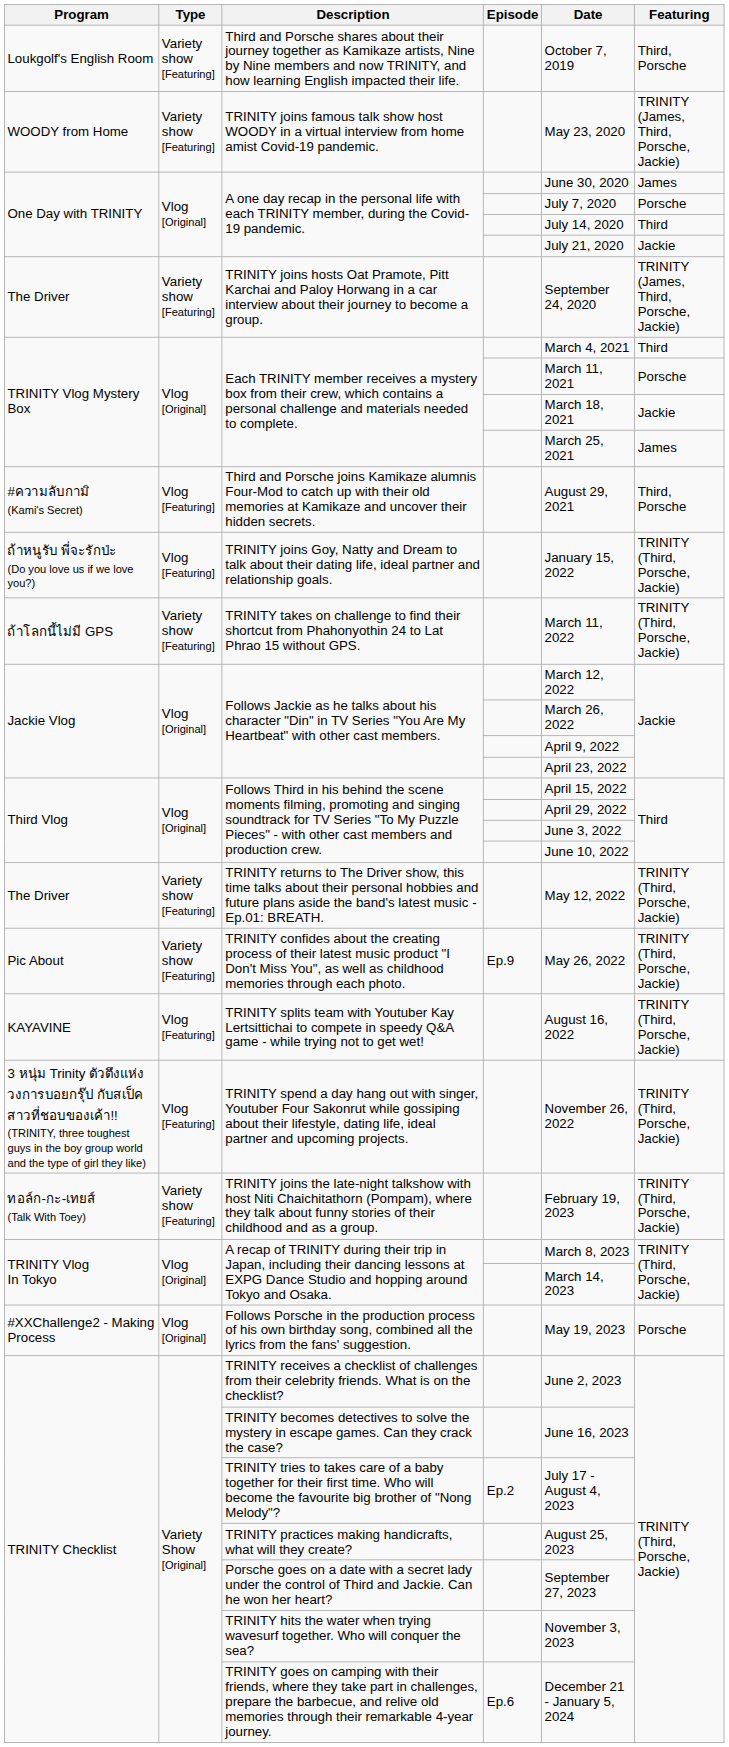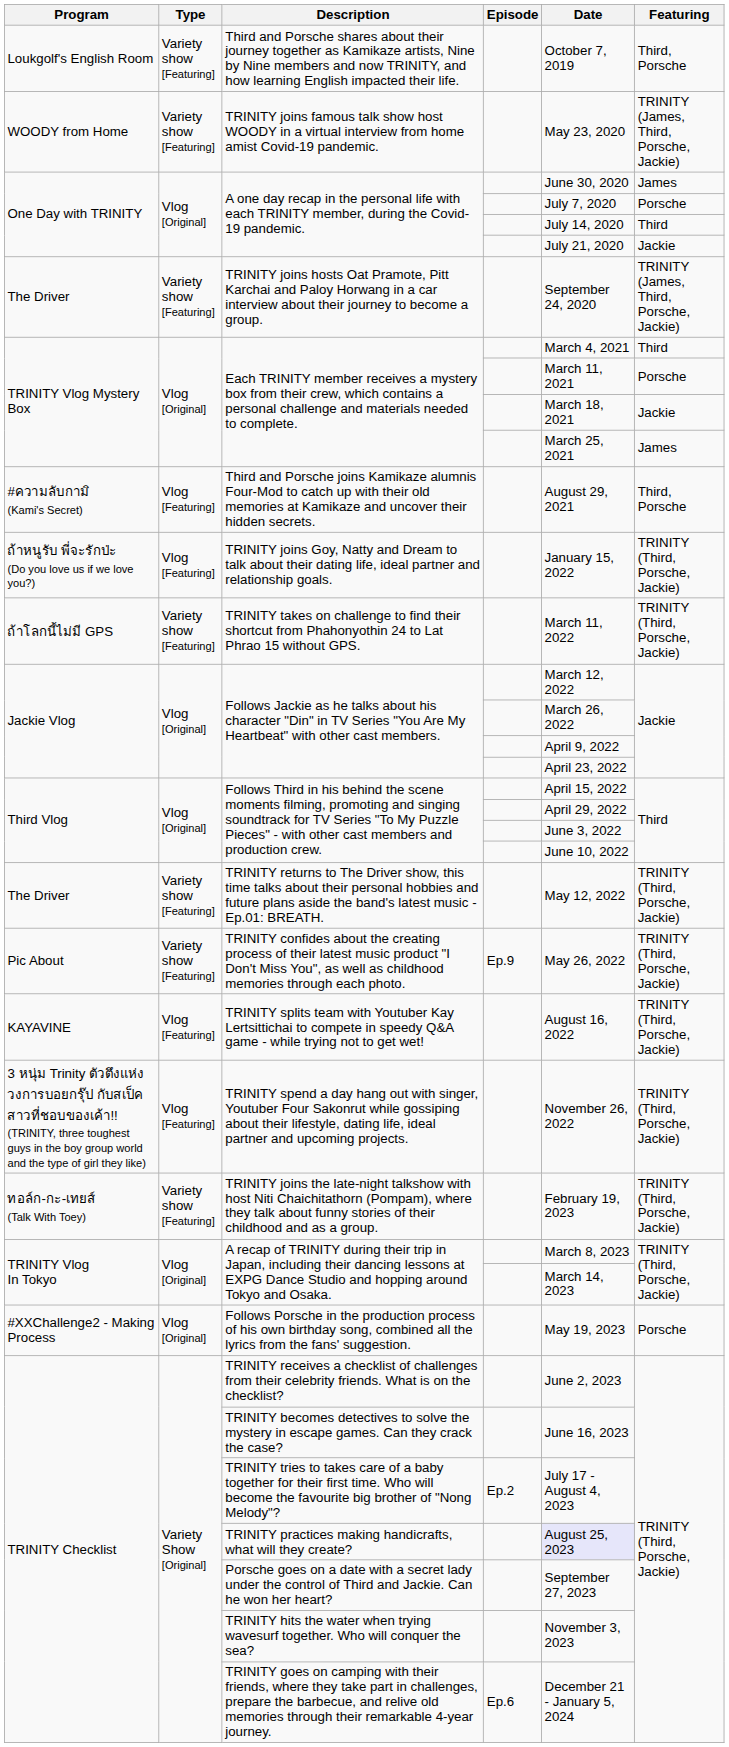 <table class="wikitable sortable mw-collapsible mw-collapsed">
 <tr>
 <th>Program</th>
 <th>Type</th>
 <th>Description</th>
 <th>Episode</th>
 <th>Date</th>
 <th>Featuring</th>
 </tr>
 <tr>
 <td>Loukgolf's English Room</td>
 <td>Variety show<br><small>[Featuring]</small></td>
 <td>Third and Porsche shares about their journey together as Kamikaze artists, Nine by Nine members and now TRINITY, and how learning English impacted their life.</td>
 <td></td>
 <td>October 7, 2019</td>
 <td>Third, Porsche</td>
 </tr>
 <tr>
 <td>WOODY from Home</td>
 <td>Variety show<br><small>[Featuring]</small></td>
 <td>TRINITY joins famous talk show host WOODY in a virtual interview from home amist Covid-19 pandemic.</td>
 <td></td>
 <td>May 23, 2020</td>
 <td>TRINITY<br>(James, Third, Porsche, Jackie)</td>
 </tr>
 <tr>
 <td rowspan="4">One Day with TRINITY</td>
 <td rowspan="4">Vlog<br><small>[Original]</small></td>
 <td rowspan="4">A one day recap in the personal life with each TRINITY member, during the Covid-19 pandemic.</td>
 <td></td>
 <td>June 30, 2020</td>
 <td>James</td>
 </tr>
 <tr>
 <td></td>
 <td>July 7, 2020</td>
 <td>Porsche</td>
 </tr>
 <tr>
 <td></td>
 <td>July 14, 2020</td>
 <td>Third</td>
 </tr>
 <tr>
 <td></td>
 <td>July 21, 2020</td>
 <td>Jackie</td>
 </tr>
 <tr>
 <td>The Driver</td>
 <td>Variety show<br><small>[Featuring]</small></td>
 <td>TRINITY joins hosts Oat Pramote, Pitt Karchai and Paloy Horwang in a car interview about their journey to become a group.</td>
 <td></td>
 <td>September 24, 2020</td>
 <td>TRINITY<br>(James, Third, Porsche, Jackie)</td>
 </tr>
 <tr>
 <td rowspan="4">TRINITY Vlog Mystery Box</td>
 <td rowspan="4">Vlog<br><small>[Original]</small></td>
 <td rowspan="4">Each TRINITY member receives a mystery box from their crew, which contains a personal challenge and materials needed to complete.</td>
 <td></td>
 <td>March 4, 2021</td>
 <td>Third</td>
 </tr>
 <tr>
 <td></td>
 <td>March 11, 2021</td>
 <td>Porsche</td>
 </tr>
 <tr>
 <td></td>
 <td>March 18, 2021</td>
 <td>Jackie</td>
 </tr>
 <tr>
 <td></td>
 <td>March 25, 2021</td>
 <td>James</td>
 </tr>
 <tr>
 <td>#ความลับกามิ<br><small>(Kami's Secret)</small></td>
 <td>Vlog<br><small>[Featuring]</small></td>
 <td>Third and Porsche joins Kamikaze alumnis Four-Mod to catch up with their old memories at Kamikaze and uncover their hidden secrets.</td>
 <td></td>
 <td>August 29, 2021</td>
 <td>Third, Porsche</td>
 </tr>
 <tr>
 <td>ถ้าหนูรับ พี่จะรักป่ะ<br><small>(Do you love us if we love you?)</small></td>
 <td>Vlog<br><small>[Featuring]</small></td>
 <td>TRINITY joins Goy, Natty and Dream to talk about their dating life, ideal partner and relationship goals.</td>
 <td></td>
 <td>January 15, 2022</td>
 <td>TRINITY<br>(Third, Porsche, Jackie)</td>
 </tr>
 <tr>
 <td>ถ้าโลกนี้ไม่มี GPS</td>
 <td>Variety show<br><small>[Featuring]</small></td>
 <td>TRINITY takes on challenge to find their shortcut from Phahonyothin 24 to Lat Phrao 15 without GPS.</td>
 <td></td>
 <td>March 11, 2022</td>
 <td>TRINITY<br>(Third, Porsche, Jackie)</td>
 </tr>
 <tr>
 <td rowspan="4">Jackie Vlog</td>
 <td rowspan="4">Vlog<br><small>[Original]</small></td>
 <td rowspan="4">Follows Jackie as he talks about his character "Din" in TV Series "You Are My Heartbeat" with other cast members.</td>
 <td></td>
 <td>March 12, 2022</td>
 <td rowspan="4">Jackie</td>
 </tr>
 <tr>
 <td></td>
 <td>March 26, 2022</td>
 </tr>
 <tr>
 <td></td>
 <td>April 9, 2022</td>
 </tr>
 <tr>
 <td></td>
 <td>April 23, 2022</td>
 </tr>
 <tr>
 <td rowspan="4">Third Vlog</td>
 <td rowspan="4">Vlog<br><small>[Original]</small></td>
 <td rowspan="4">Follows Third in his behind the scene moments filming, promoting and singing soundtrack for TV Series "To My Puzzle Pieces" - with other cast members and production crew.</td>
 <td></td>
 <td>April 15, 2022</td>
 <td rowspan="4">Third</td>
 </tr>
 <tr>
 <td></td>
 <td>April 29, 2022</td>
 </tr>
 <tr>
 <td></td>
 <td>June 3, 2022</td>
 </tr>
 <tr>
 <td></td>
 <td>June 10, 2022</td>
 </tr>
 <tr>
 <td>The Driver</td>
 <td>Variety show<br><small>[Featuring]</small></td>
 <td>TRINITY returns to The Driver show, this time talks about their personal hobbies and future plans aside the band's latest music - Ep.01: BREATH.</td>
 <td></td>
 <td>May 12, 2022</td>
 <td>TRINITY<br>(Third, Porsche, Jackie)</td>
 </tr>
 <tr>
 <td>Pic About</td>
 <td>Variety show<br><small>[Featuring]</small></td>
 <td>TRINITY confides about the creating process of their latest music product "I Don't Miss You", as well as childhood memories through each photo.</td>
 <td>Ep.9<br><small></small> <small></small></td>
 <td>May 26, 2022</td>
 <td>TRINITY<br>(Third, Porsche, Jackie)</td>
 </tr>
 <tr>
 <td>KAYAVINE</td>
 <td>Vlog<br><small>[Featuring]</small></td>
 <td>TRINITY splits team with Youtuber Kay Lertsittichai to compete in speedy Q&A game - while trying not to get wet!</td>
 <td></td>
 <td>August 16, 2022</td>
 <td>TRINITY<br>(Third, Porsche, Jackie)</td>
 </tr>
 <tr>
 <td>3 หนุ่ม Trinity ตัวตึงแห่งวงการบอยกรุ๊ป กับสเป็คสาวที่ชอบของเค้า!!<br><small>(TRINITY, three toughest guys in the boy group world and the type of girl they like)</small></td>
 <td>Vlog<br><small>[Featuring]</small></td>
 <td>TRINITY spend a day hang out with singer, Youtuber Four Sakonrut while gossiping about their lifestyle, dating life, ideal partner and upcoming projects.</td>
 <td></td>
 <td>November 26, 2022</td>
 <td>TRINITY<br>(Third, Porsche, Jackie)</td>
 </tr>
 <tr>
 <td>ทอล์ก-กะ-เทยส์<br><small>(Talk With Toey)</small></td>
 <td>Variety show<br><small>[Featuring]</small></td>
 <td>TRINITY joins the late-night talkshow with host Niti Chaichitathorn (Pompam), where they talk about funny stories of their childhood and as a group.</td>
 <td></td>
 <td>February 19, 2023</td>
 <td>TRINITY<br>(Third, Porsche, Jackie)</td>
 </tr>
 <tr>
 <td rowspan="2">TRINITY Vlog<br>In Tokyo</td>
 <td rowspan="2">Vlog<br><small>[Original]</small></td>
 <td rowspan="2">A recap of TRINITY during their trip in Japan, including their dancing lessons at EXPG Dance Studio and hopping around Tokyo and Osaka.</td>
 <td></td>
 <td>March 8, 2023</td>
 <td rowspan="2">TRINITY<br>(Third, Porsche, Jackie)</td>
 </tr>
 <tr>
 <td></td>
 <td>March 14, 2023</td>
 </tr>
 <tr>
 <td>#XXChallenge2 - Making Process</td>
 <td>Vlog<br><small>[Original]</small></td>
 <td>Follows Porsche in the production process of his own birthday song, combined all the lyrics from the fans' suggestion.</td>
 <td></td>
 <td>May 19, 2023</td>
 <td>Porsche</td>
 </tr>
 <tr>
 <td rowspan="7">TRINITY Checklist</td>
 <td rowspan="7">Variety Show<br><small>[Original]</small></td>
 <td>TRINITY receives a checklist of challenges from their celebrity friends. What is on the checklist?</td>
 <td></td>
 <td>June 2, 2023</td>
 <td rowspan="7">TRINITY<br>(Third, Porsche, Jackie)</td>
 </tr>
 <tr>
 <td>TRINITY becomes detectives to solve the mystery in escape games. Can they crack the case?</td>
 <td></td>
 <td>June 16, 2023</td>
 </tr>
 <tr>
 <td>TRINITY tries to takes care of a baby together for their first time. Who will become the favourite big brother of "Nong Melody"?</td>
 <td>Ep.2<br><small></small> <small></small></td>
 <td>July 17 - August 4, 2023</td>
 </tr>
 <tr>
 <td>TRINITY practices making handicrafts, what will they create?</td>
 <td></td>
-<td>August 25, 2023</td>
+<td style="background: lavender;">August 25, 2023</td>
 </tr>
 <tr>
 <td>Porsche goes on a date with a secret lady under the control of Third and Jackie. Can he won her heart?</td>
 <td></td>
 <td>September 27, 2023</td>
 </tr>
 <tr>
 <td>TRINITY hits the water when trying wavesurf together. Who will conquer the sea?</td>
 <td></td>
 <td>November 3, 2023</td>
 </tr>
 <tr>
 <td>TRINITY goes on camping with their friends, where they take part in challenges, prepare the barbecue, and relive old memories through their remarkable 4-year journey.</td>
 <td>Ep.6<br><small></small> <small></small></td>
 <td>December 21 - January 5, 2024</td>
 </tr>
 </table>
